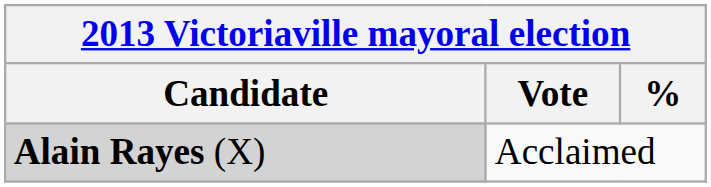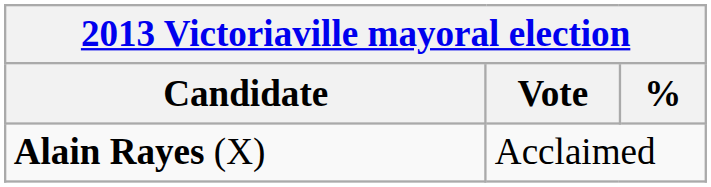 <table class="wikitable">
 <tr>
 <th colspan="3"><a href='#'>2013 Victoriaville mayoral election</a></th>
 </tr>
 <tr>
 <th bgcolor="#DDDDFF" width="200px">Candidate</th>
 <th bgcolor="#DDDDFF" width="50px">Vote</th>
 <th bgcolor="#DDDDFF"  width="30px">%</th>
 </tr>
 <tr>
-<td style="background: lightgrey;"><strong>Alain Rayes</strong> (X)</td>
+<td><strong>Alain Rayes</strong> (X)</td>
 <td colspan="2">Acclaimed</td>
 </tr>
 </table>
